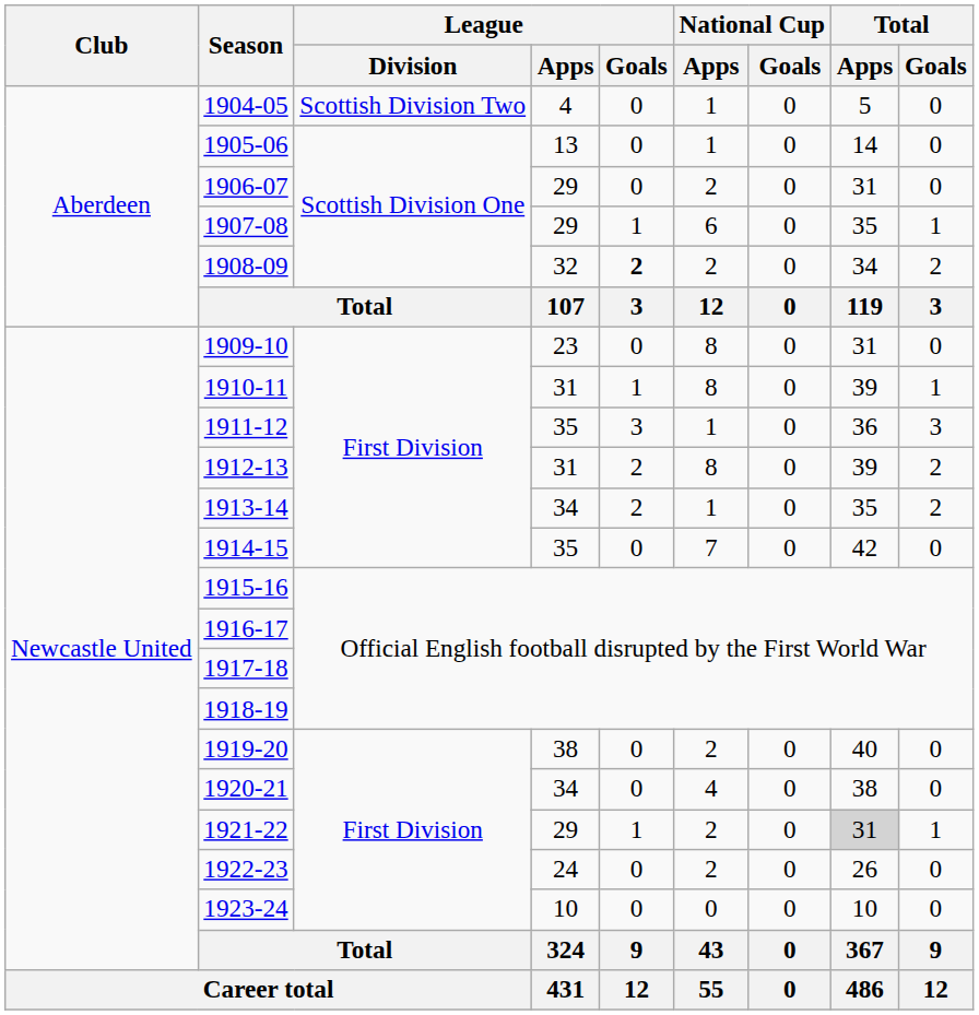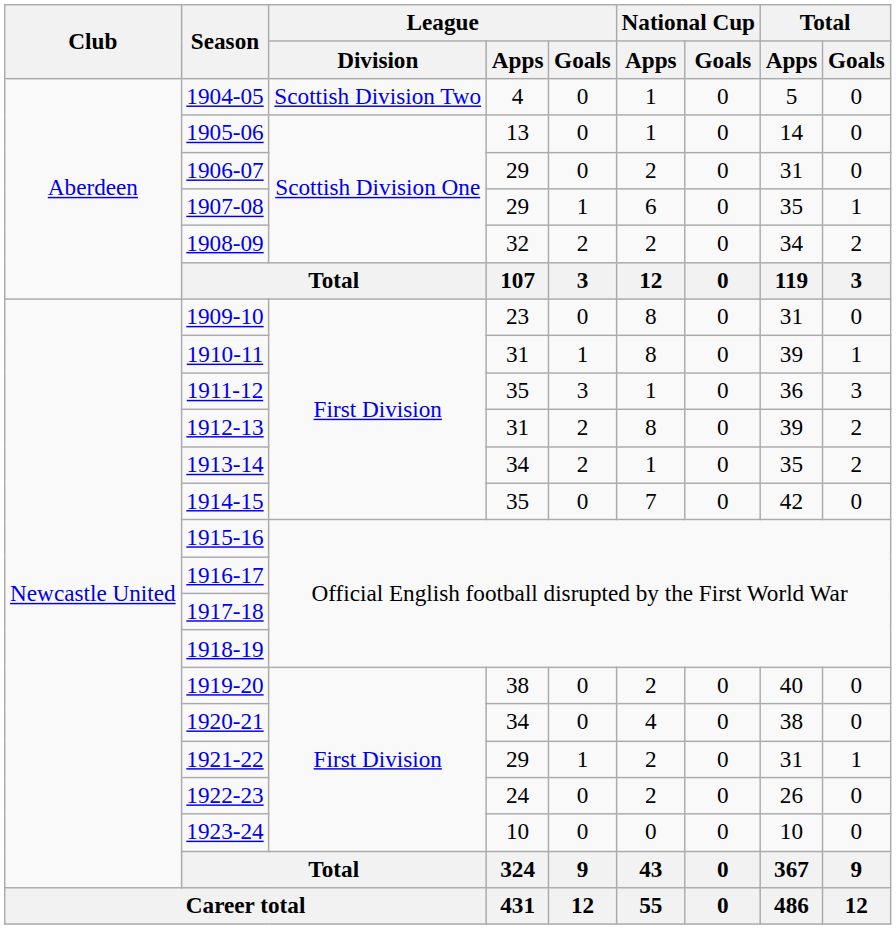 <table class="wikitable" style="text-align:center">
 <tr>
 <th rowspan="2">Club</th>
 <th rowspan="2">Season</th>
 <th colspan="3">League</th>
 <th colspan="2">National Cup</th>
 <th colspan="2">Total</th>
 </tr>
 <tr>
 <th>Division</th>
 <th>Apps</th>
 <th>Goals</th>
 <th>Apps</th>
 <th>Goals</th>
 <th>Apps</th>
 <th>Goals</th>
 </tr>
 <tr>
 <td rowspan="6"><a href='#'>Aberdeen</a></td>
 <td><a href='#'>1904-05</a></td>
 <td><a href='#'>Scottish Division Two</a></td>
 <td>4</td>
 <td>0</td>
 <td>1</td>
 <td>0</td>
 <td>5</td>
 <td>0</td>
 </tr>
 <tr>
 <td><a href='#'>1905-06</a></td>
 <td rowspan="4"><a href='#'>Scottish Division One</a></td>
 <td>13</td>
 <td>0</td>
 <td>1</td>
 <td>0</td>
 <td>14</td>
 <td>0</td>
 </tr>
 <tr>
 <td><a href='#'>1906-07</a></td>
 <td>29</td>
 <td>0</td>
 <td>2</td>
 <td>0</td>
 <td>31</td>
 <td>0</td>
 </tr>
 <tr>
 <td><a href='#'>1907-08</a></td>
 <td>29</td>
 <td>1</td>
 <td>6</td>
 <td>0</td>
 <td>35</td>
 <td>1</td>
 </tr>
 <tr>
 <td><a href='#'>1908-09</a></td>
 <td>32</td>
-<td><strong>2</strong></td>
+<td>2</td>
 <td>2</td>
 <td>0</td>
 <td>34</td>
 <td>2</td>
 </tr>
 <tr>
 <th colspan="2">Total</th>
 <th>107</th>
 <th>3</th>
 <th>12</th>
 <th>0</th>
 <th>119</th>
 <th>3</th>
 </tr>
 <tr>
 <td rowspan="16"><a href='#'>Newcastle United</a></td>
 <td><a href='#'>1909-10</a></td>
 <td rowspan="6"><a href='#'>First Division</a></td>
 <td>23</td>
 <td>0</td>
 <td>8</td>
 <td>0</td>
 <td>31</td>
 <td>0</td>
 </tr>
 <tr>
 <td><a href='#'>1910-11</a></td>
 <td>31</td>
 <td>1</td>
 <td>8</td>
 <td>0</td>
 <td>39</td>
 <td>1</td>
 </tr>
 <tr>
 <td><a href='#'>1911-12</a></td>
 <td>35</td>
 <td>3</td>
 <td>1</td>
 <td>0</td>
 <td>36</td>
 <td>3</td>
 </tr>
 <tr>
 <td><a href='#'>1912-13</a></td>
 <td>31</td>
 <td>2</td>
 <td>8</td>
 <td>0</td>
 <td>39</td>
 <td>2</td>
 </tr>
 <tr>
 <td><a href='#'>1913-14</a></td>
 <td>34</td>
 <td>2</td>
 <td>1</td>
 <td>0</td>
 <td>35</td>
 <td>2</td>
 </tr>
 <tr>
 <td><a href='#'>1914-15</a></td>
 <td>35</td>
 <td>0</td>
 <td>7</td>
 <td>0</td>
 <td>42</td>
 <td>0</td>
 </tr>
 <tr>
 <td><a href='#'>1915-16</a></td>
 <td colspan="7" rowspan="4">Official English football disrupted by the First World War</td>
 </tr>
 <tr>
 <td><a href='#'>1916-17</a></td>
 </tr>
 <tr>
 <td><a href='#'>1917-18</a></td>
 </tr>
 <tr>
 <td><a href='#'>1918-19</a></td>
 </tr>
 <tr>
 <td><a href='#'>1919-20</a></td>
 <td rowspan="5"><a href='#'>First Division</a></td>
 <td>38</td>
 <td>0</td>
 <td>2</td>
 <td>0</td>
 <td>40</td>
 <td>0</td>
 </tr>
 <tr>
 <td><a href='#'>1920-21</a></td>
 <td>34</td>
 <td>0</td>
 <td>4</td>
 <td>0</td>
 <td>38</td>
 <td>0</td>
 </tr>
 <tr>
 <td><a href='#'>1921-22</a></td>
 <td>29</td>
 <td>1</td>
 <td>2</td>
 <td>0</td>
-<td style="background: lightgrey;">31</td>
+<td>31</td>
 <td>1</td>
 </tr>
 <tr>
 <td><a href='#'>1922-23</a></td>
 <td>24</td>
 <td>0</td>
 <td>2</td>
 <td>0</td>
 <td>26</td>
 <td>0</td>
 </tr>
 <tr>
 <td><a href='#'>1923-24</a></td>
 <td>10</td>
 <td>0</td>
 <td>0</td>
 <td>0</td>
 <td>10</td>
 <td>0</td>
 </tr>
 <tr>
 <th colspan="2">Total</th>
 <th>324</th>
 <th>9</th>
 <th>43</th>
 <th>0</th>
 <th>367</th>
 <th>9</th>
 </tr>
 <tr>
 <th colspan="3">Career total</th>
 <th>431</th>
 <th>12</th>
 <th>55</th>
 <th>0</th>
 <th>486</th>
 <th>12</th>
 </tr>
 </table>
